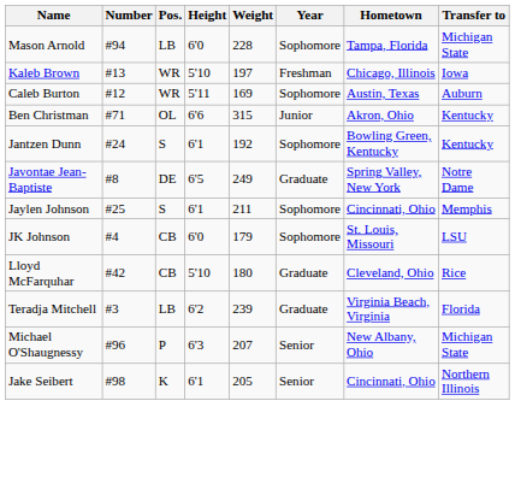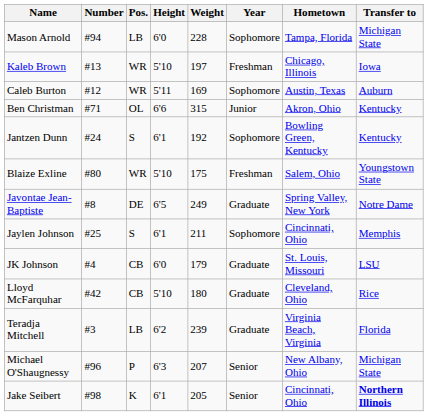 <table class="wikitable sortable">
 <tr>
 <th style="text-align:center; ">Name</th>
 <th style="text-align:center; ">Number</th>
 <th style="text-align:center; ">Pos.</th>
 <th style="text-align:center; ">Height</th>
 <th style="text-align:center; ">Weight</th>
 <th style="text-align:center; ">Year</th>
 <th style="text-align:center; ">Hometown</th>
 <th style="text-align:center; ">Transfer to</th>
 </tr>
 <tr>
 <td>Mason Arnold</td>
 <td>#94</td>
 <td>LB</td>
 <td>6'0</td>
 <td>228</td>
 <td>Sophomore</td>
 <td><a href='#'>Tampa, Florida</a></td>
 <td><a href='#'>Michigan State</a></td>
 </tr>
 <tr>
 <td><a href='#'>Kaleb Brown</a></td>
 <td>#13</td>
 <td>WR</td>
 <td>5'10</td>
 <td>197</td>
 <td>Freshman</td>
 <td><a href='#'>Chicago, Illinois</a></td>
 <td><a href='#'>Iowa</a></td>
 </tr>
 <tr>
 <td>Caleb Burton</td>
 <td>#12</td>
 <td>WR</td>
 <td>5'11</td>
 <td>169</td>
 <td>Sophomore</td>
 <td><a href='#'>Austin, Texas</a></td>
 <td><a href='#'>Auburn</a></td>
 </tr>
 <tr>
 <td>Ben Christman</td>
 <td>#71</td>
 <td>OL</td>
 <td>6'6</td>
 <td>315</td>
 <td>Junior</td>
 <td><a href='#'>Akron, Ohio</a></td>
 <td><a href='#'>Kentucky</a></td>
 </tr>
 <tr>
 <td>Jantzen Dunn</td>
 <td>#24</td>
 <td>S</td>
 <td>6'1</td>
 <td>192</td>
 <td>Sophomore</td>
 <td><a href='#'>Bowling Green, Kentucky</a></td>
 <td><a href='#'>Kentucky</a></td>
 </tr>
 <tr>
+<td>Blaize Exline</td>
+<td>#80</td>
+<td>WR</td>
+<td>5'10</td>
+<td>175</td>
+<td>Freshman</td>
+<td><a href='#'>Salem, Ohio</a></td>
+<td><a href='#'>Youngstown State</a></td>
+</tr>
+<tr>
 <td><a href='#'>Javontae Jean-Baptiste</a></td>
 <td>#8</td>
 <td>DE</td>
 <td>6'5</td>
 <td>249</td>
 <td>Graduate</td>
 <td><a href='#'>Spring Valley, New York</a></td>
 <td><a href='#'>Notre Dame</a></td>
 </tr>
 <tr>
 <td>Jaylen Johnson</td>
 <td>#25</td>
 <td>S</td>
 <td>6'1</td>
 <td>211</td>
 <td>Sophomore</td>
 <td><a href='#'>Cincinnati, Ohio</a></td>
 <td><a href='#'>Memphis</a></td>
 </tr>
 <tr>
 <td>JK Johnson</td>
 <td>#4</td>
 <td>CB</td>
 <td>6'0</td>
 <td>179</td>
-<td>Sophomore</td>
+<td>Graduate</td>
 <td><a href='#'>St. Louis, Missouri</a></td>
 <td><a href='#'>LSU</a></td>
 </tr>
 <tr>
 <td>Lloyd McFarquhar</td>
 <td>#42</td>
 <td>CB</td>
 <td>5'10</td>
 <td>180</td>
 <td>Graduate</td>
 <td><a href='#'>Cleveland, Ohio</a></td>
 <td><a href='#'>Rice</a></td>
 </tr>
 <tr>
 <td>Teradja Mitchell</td>
 <td>#3</td>
 <td>LB</td>
 <td>6'2</td>
 <td>239</td>
 <td>Graduate</td>
 <td><a href='#'>Virginia Beach, Virginia</a></td>
 <td><a href='#'>Florida</a></td>
 </tr>
 <tr>
 <td>Michael O'Shaugnessy</td>
 <td>#96</td>
 <td>P</td>
 <td>6'3</td>
 <td>207</td>
 <td>Senior</td>
 <td><a href='#'>New Albany, Ohio</a></td>
 <td><a href='#'>Michigan State</a></td>
 </tr>
 <tr>
 <td>Jake Seibert</td>
 <td>#98</td>
 <td>K</td>
 <td>6'1</td>
 <td>205</td>
 <td>Senior</td>
 <td><a href='#'>Cincinnati, Ohio</a></td>
-<td><a href='#'>Northern Illinois</a></td>
+<td><strong><a href='#'>Northern Illinois</a></strong></td>
 </tr>
 </table>
